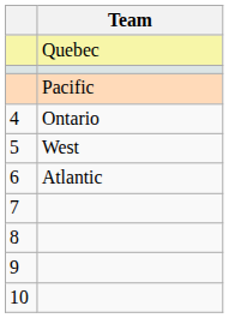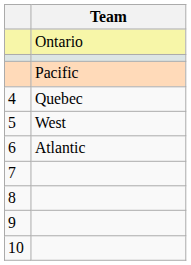 <table class="wikitable">
 <tr>
 <th width=20></th>
 <th width=150>Team</th>
 </tr>
 <tr style="background:#F7F6A8;">
 <td align="center"></td>
-<td> Quebec</td>
+<td> Ontario</td>
 </tr>
 <tr style="background:#DCE5E5;">
 <td align="center"></td>
 <td></td>
 </tr>
 <tr style="background:#FFDAB9;">
 <td align="center"></td>
 <td> Pacific</td>
 </tr>
 <tr>
 <td>4</td>
-<td> Ontario</td>
+<td> Quebec</td>
 </tr>
 <tr>
 <td>5</td>
 <td> West</td>
 </tr>
 <tr>
 <td>6</td>
 <td> Atlantic</td>
 </tr>
 <tr>
 <td>7</td>
 <td></td>
 </tr>
 <tr>
 <td>8</td>
 <td></td>
 </tr>
 <tr>
 <td>9</td>
 <td></td>
 </tr>
 <tr>
 <td>10</td>
 <td></td>
 </tr>
 </table>
